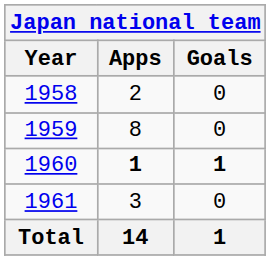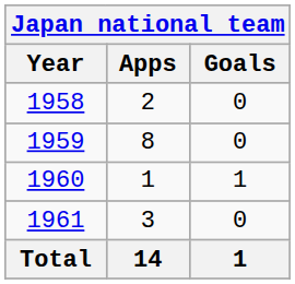 <table class="wikitable" style="text-align:center">
 <tr>
 <th colspan=3><a href='#'>Japan national team</a></th>
 </tr>
 <tr>
 <th>Year</th>
 <th>Apps</th>
 <th>Goals</th>
 </tr>
 <tr>
 <td><a href='#'>1958</a></td>
 <td>2</td>
 <td>0</td>
 </tr>
 <tr>
 <td><a href='#'>1959</a></td>
 <td>8</td>
 <td>0</td>
 </tr>
 <tr>
 <td><a href='#'>1960</a></td>
-<td><strong>1</strong></td>
-<td><strong>1</strong></td>
+<td>1</td>
+<td>1</td>
 </tr>
 <tr>
 <td><a href='#'>1961</a></td>
 <td>3</td>
 <td>0</td>
 </tr>
 <tr>
 <th>Total</th>
 <th>14</th>
 <th>1</th>
 </tr>
 </table>
